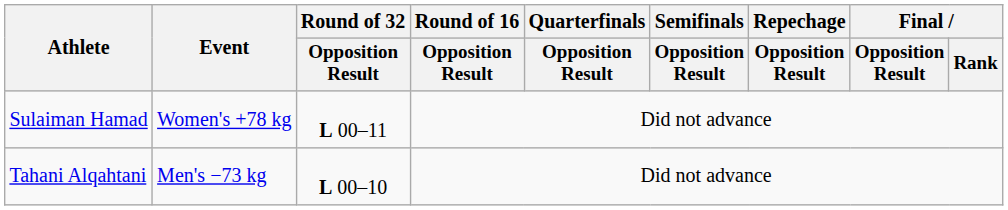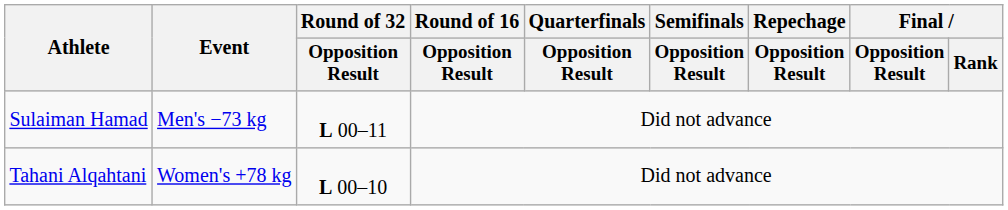 <table class="wikitable" style="font-size:90%">
 <tr>
 <th rowspan="2">Athlete</th>
 <th rowspan="2">Event</th>
 <th>Round of 32</th>
 <th>Round of 16</th>
 <th>Quarterfinals</th>
 <th>Semifinals</th>
 <th>Repechage</th>
 <th colspan=2>Final / </th>
 </tr>
 <tr style="font-size:95%">
 <th>Opposition<br>Result</th>
 <th>Opposition<br>Result</th>
 <th>Opposition<br>Result</th>
 <th>Opposition<br>Result</th>
 <th>Opposition<br>Result</th>
 <th>Opposition<br>Result</th>
 <th>Rank</th>
 </tr>
 <tr align=center>
 <td align=left><a href='#'>Sulaiman Hamad</a></td>
-<td align=left><a href='#'>Women's +78 kg</a></td>
+<td align=left><a href='#'>Men's −73 kg</a></td>
 <td><br><strong>L</strong> 00–11</td>
 <td colspan=6>Did not advance</td>
 </tr>
 <tr align=center>
 <td align=left><a href='#'>Tahani Alqahtani</a></td>
-<td align=left><a href='#'>Men's −73 kg</a></td>
+<td align=left><a href='#'>Women's +78 kg</a></td>
 <td><br><strong>L</strong> 00–10</td>
 <td colspan="6">Did not advance</td>
 </tr>
 </table>
